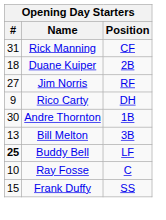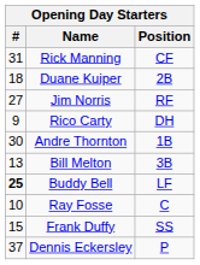 <table class="wikitable" style="text-align:center">
 <tr>
 <th colspan="3">Opening Day Starters</th>
 </tr>
 <tr>
 <th>#</th>
 <th>Name</th>
 <th>Position</th>
 </tr>
 <tr>
 <td>31</td>
 <td><a href='#'>Rick Manning</a></td>
 <td><a href='#'>CF</a></td>
 </tr>
 <tr>
 <td>18</td>
 <td><a href='#'>Duane Kuiper</a></td>
 <td><a href='#'>2B</a></td>
 </tr>
 <tr>
 <td>27</td>
 <td><a href='#'>Jim Norris</a></td>
 <td><a href='#'>RF</a></td>
 </tr>
 <tr>
 <td>9</td>
 <td><a href='#'>Rico Carty</a></td>
 <td><a href='#'>DH</a></td>
 </tr>
 <tr>
 <td>30</td>
 <td><a href='#'>Andre Thornton</a></td>
 <td><a href='#'>1B</a></td>
 </tr>
 <tr>
 <td>13</td>
 <td><a href='#'>Bill Melton</a></td>
 <td><a href='#'>3B</a></td>
 </tr>
 <tr>
 <td><strong>25</strong></td>
 <td><a href='#'>Buddy Bell</a></td>
 <td><a href='#'>LF</a></td>
 </tr>
 <tr>
 <td>10</td>
 <td><a href='#'>Ray Fosse</a></td>
 <td><a href='#'>C</a></td>
 </tr>
 <tr>
 <td>15</td>
 <td><a href='#'>Frank Duffy</a></td>
 <td><a href='#'>SS</a></td>
 </tr>
+<tr>
+<td>37</td>
+<td><a href='#'>Dennis Eckersley</a></td>
+<td><a href='#'>P</a></td>
+</tr>
 </table>
